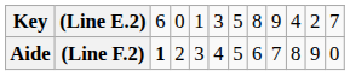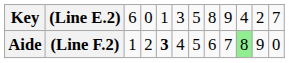 <table class="wikitable">
 <tr>
 <th>Key</th>
 <th>(Line E.2)</th>
 <td>6</td>
 <td>0</td>
 <td>1</td>
 <td>3</td>
 <td>5</td>
 <td>8</td>
 <td>9</td>
 <td>4</td>
 <td>2</td>
 <td>7</td>
 </tr>
 <tr>
 <th>Aide</th>
 <th>(Line F.2)</th>
-<td><strong>1</strong></td>
+<td>1</td>
 <td>2</td>
-<td>3</td>
+<td><strong>3</strong></td>
 <td>4</td>
 <td>5</td>
 <td>6</td>
 <td>7</td>
-<td>8</td>
+<td style="background: lightgreen;">8</td>
 <td>9</td>
 <td>0</td>
 </tr>
 </table>
